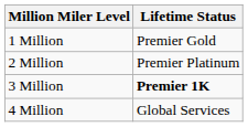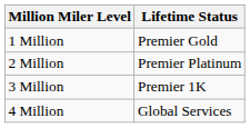 <table class="wikitable">
 <tr>
 <th>Million Miler Level</th>
 <th>Lifetime Status</th>
 </tr>
 <tr>
 <td>1 Million</td>
 <td>Premier Gold</td>
 </tr>
 <tr>
 <td>2 Million</td>
 <td>Premier Platinum</td>
 </tr>
 <tr>
 <td>3 Million</td>
-<td><strong>Premier 1K</strong></td>
+<td>Premier 1K</td>
 </tr>
 <tr>
 <td>4 Million</td>
 <td>Global Services</td>
 </tr>
 </table>
